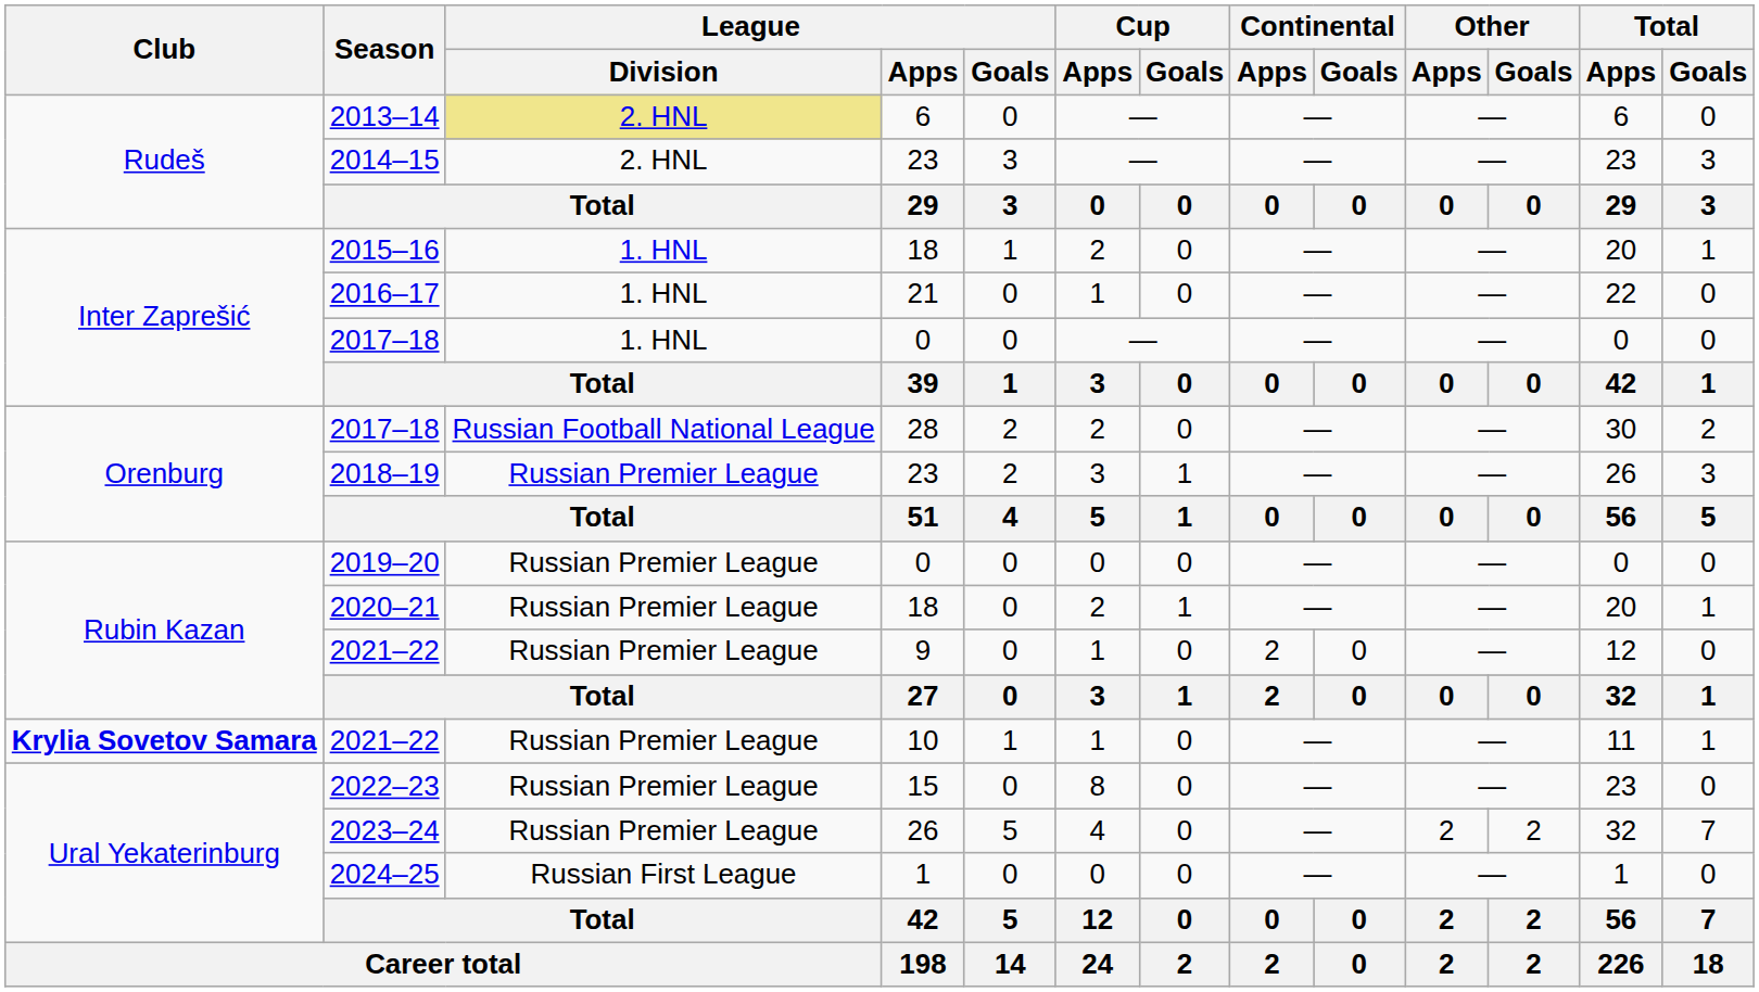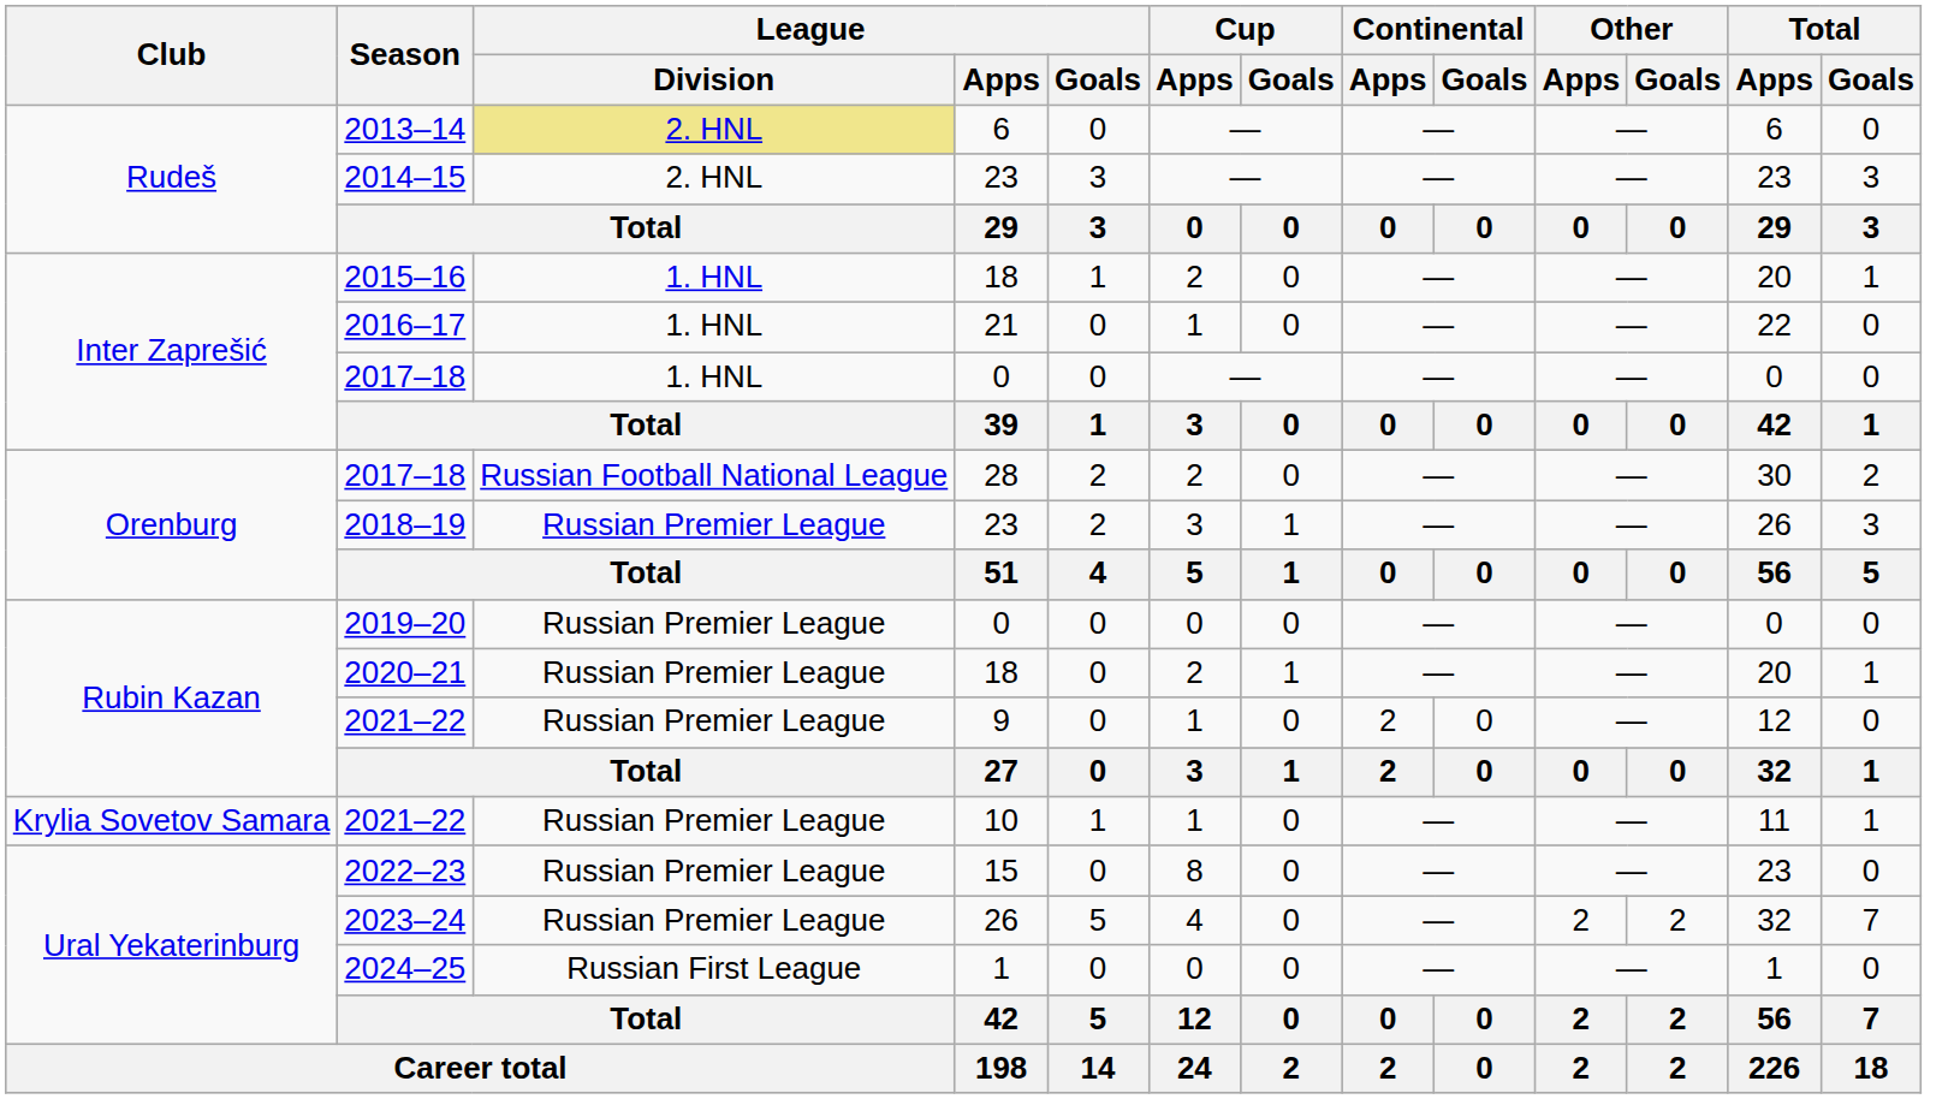 <table class="wikitable" style="text-align: center;">
 <tr>
 <th rowspan=2>Club</th>
 <th rowspan=2>Season</th>
 <th colspan=3>League</th>
 <th colspan=2>Cup</th>
 <th colspan=2>Continental</th>
 <th colspan=2>Other</th>
 <th colspan=2>Total</th>
 </tr>
 <tr>
 <th>Division</th>
 <th>Apps</th>
 <th>Goals</th>
 <th>Apps</th>
 <th>Goals</th>
 <th>Apps</th>
 <th>Goals</th>
 <th>Apps</th>
 <th>Goals</th>
 <th>Apps</th>
 <th>Goals</th>
 </tr>
 <tr>
 <td rowspan="3"><a href='#'>Rudeš</a></td>
 <td><a href='#'>2013–14</a></td>
 <td style="background: khaki;"><a href='#'>2. HNL</a></td>
 <td>6</td>
 <td>0</td>
 <td colspan="2">—</td>
 <td colspan="2">—</td>
 <td colspan="2">—</td>
 <td>6</td>
 <td>0</td>
 </tr>
 <tr>
 <td><a href='#'>2014–15</a></td>
 <td>2. HNL</td>
 <td>23</td>
 <td>3</td>
 <td colspan="2">—</td>
 <td colspan="2">—</td>
 <td colspan="2">—</td>
 <td>23</td>
 <td>3</td>
 </tr>
 <tr>
 <th colspan="2">Total</th>
 <th>29</th>
 <th>3</th>
 <th>0</th>
 <th>0</th>
 <th>0</th>
 <th>0</th>
 <th>0</th>
 <th>0</th>
 <th>29</th>
 <th>3</th>
 </tr>
 <tr>
 <td rowspan="4"><a href='#'>Inter Zaprešić</a></td>
 <td><a href='#'>2015–16</a></td>
 <td><a href='#'>1. HNL</a></td>
 <td>18</td>
 <td>1</td>
 <td>2</td>
 <td>0</td>
 <td colspan="2">—</td>
 <td colspan="2">—</td>
 <td>20</td>
 <td>1</td>
 </tr>
 <tr>
 <td><a href='#'>2016–17</a></td>
 <td>1. HNL</td>
 <td>21</td>
 <td>0</td>
 <td>1</td>
 <td>0</td>
 <td colspan="2">—</td>
 <td colspan="2">—</td>
 <td>22</td>
 <td>0</td>
 </tr>
 <tr>
 <td><a href='#'>2017–18</a></td>
 <td>1. HNL</td>
 <td>0</td>
 <td>0</td>
 <td colspan="2">—</td>
 <td colspan="2">—</td>
 <td colspan="2">—</td>
 <td>0</td>
 <td>0</td>
 </tr>
 <tr>
 <th colspan="2">Total</th>
 <th>39</th>
 <th>1</th>
 <th>3</th>
 <th>0</th>
 <th>0</th>
 <th>0</th>
 <th>0</th>
 <th>0</th>
 <th>42</th>
 <th>1</th>
 </tr>
 <tr>
 <td rowspan="3"><a href='#'>Orenburg</a></td>
 <td><a href='#'>2017–18</a></td>
 <td><a href='#'>Russian Football National League</a></td>
 <td>28</td>
 <td>2</td>
 <td>2</td>
 <td>0</td>
 <td colspan="2">—</td>
 <td colspan="2">—</td>
 <td>30</td>
 <td>2</td>
 </tr>
 <tr>
 <td><a href='#'>2018–19</a></td>
 <td><a href='#'>Russian Premier League</a></td>
 <td>23</td>
 <td>2</td>
 <td>3</td>
 <td>1</td>
 <td colspan="2">—</td>
 <td colspan="2">—</td>
 <td>26</td>
 <td>3</td>
 </tr>
 <tr>
 <th colspan=2>Total</th>
 <th>51</th>
 <th>4</th>
 <th>5</th>
 <th>1</th>
 <th>0</th>
 <th>0</th>
 <th>0</th>
 <th>0</th>
 <th>56</th>
 <th>5</th>
 </tr>
 <tr>
 <td rowspan="4"><a href='#'>Rubin Kazan</a></td>
 <td><a href='#'>2019–20</a></td>
 <td>Russian Premier League</td>
 <td>0</td>
 <td>0</td>
 <td>0</td>
 <td>0</td>
 <td colspan="2">—</td>
 <td colspan="2">—</td>
 <td>0</td>
 <td>0</td>
 </tr>
 <tr>
 <td><a href='#'>2020–21</a></td>
 <td>Russian Premier League</td>
 <td>18</td>
 <td>0</td>
 <td>2</td>
 <td>1</td>
 <td colspan="2">—</td>
 <td colspan="2">—</td>
 <td>20</td>
 <td>1</td>
 </tr>
 <tr>
 <td><a href='#'>2021–22</a></td>
 <td>Russian Premier League</td>
 <td>9</td>
 <td>0</td>
 <td>1</td>
 <td>0</td>
 <td>2</td>
 <td>0</td>
 <td colspan="2">—</td>
 <td>12</td>
 <td>0</td>
 </tr>
 <tr>
 <th colspan="2">Total</th>
 <th>27</th>
 <th>0</th>
 <th>3</th>
 <th>1</th>
 <th>2</th>
 <th>0</th>
 <th>0</th>
 <th>0</th>
 <th>32</th>
 <th>1</th>
 </tr>
 <tr>
-<td><strong><a href='#'>Krylia Sovetov Samara</a></strong></td>
+<td><a href='#'>Krylia Sovetov Samara</a></td>
 <td><a href='#'>2021–22</a></td>
 <td>Russian Premier League</td>
 <td>10</td>
 <td>1</td>
 <td>1</td>
 <td>0</td>
 <td colspan="2">—</td>
 <td colspan="2">—</td>
 <td>11</td>
 <td>1</td>
 </tr>
 <tr>
 <td rowspan="4"><a href='#'>Ural Yekaterinburg</a></td>
 <td><a href='#'>2022–23</a></td>
 <td>Russian Premier League</td>
 <td>15</td>
 <td>0</td>
 <td>8</td>
 <td>0</td>
 <td colspan="2">—</td>
 <td colspan="2">—</td>
 <td>23</td>
 <td>0</td>
 </tr>
 <tr>
 <td><a href='#'>2023–24</a></td>
 <td>Russian Premier League</td>
 <td>26</td>
 <td>5</td>
 <td>4</td>
 <td>0</td>
 <td colspan="2">—</td>
 <td>2</td>
 <td>2</td>
 <td>32</td>
 <td>7</td>
 </tr>
 <tr>
 <td><a href='#'>2024–25</a></td>
 <td>Russian First League</td>
 <td>1</td>
 <td>0</td>
 <td>0</td>
 <td>0</td>
 <td colspan="2">—</td>
 <td colspan="2">—</td>
 <td>1</td>
 <td>0</td>
 </tr>
 <tr>
 <th colspan="2">Total</th>
 <th>42</th>
 <th>5</th>
 <th>12</th>
 <th>0</th>
 <th>0</th>
 <th>0</th>
 <th>2</th>
 <th>2</th>
 <th>56</th>
 <th>7</th>
 </tr>
 <tr>
 <th colspan="3">Career total</th>
 <th>198</th>
 <th>14</th>
 <th>24</th>
 <th>2</th>
 <th>2</th>
 <th>0</th>
 <th>2</th>
 <th>2</th>
 <th>226</th>
 <th>18</th>
 </tr>
 </table>
